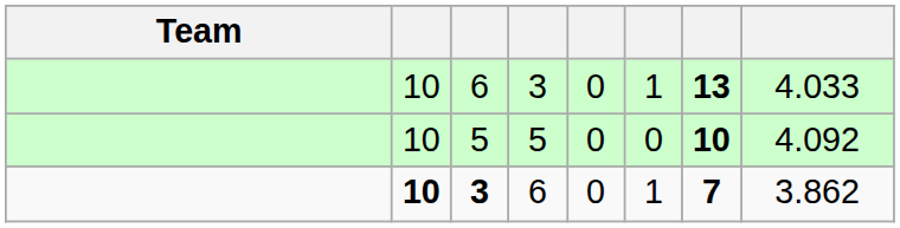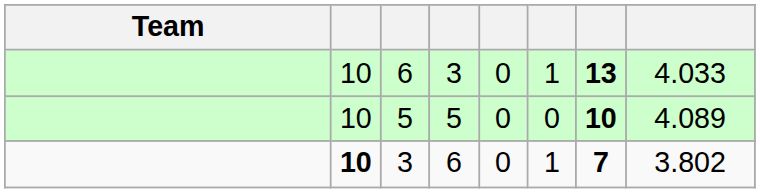 <table class="wikitable" style="text-align:center">
 <tr>
 <th style="width:175px;">Team</th>
 <th style="width:20px;"></th>
 <th style="width:20px;"></th>
 <th style="width:20px;"></th>
 <th style="width:20px;"></th>
 <th style="width:20px;"></th>
 <th style="width:20px;"></th>
 <th style="width:65px;"></th>
 </tr>
 <tr style="background:#cfc;">
 <td style="text-align:left"></td>
 <td>10</td>
 <td>6</td>
 <td>3</td>
 <td>0</td>
 <td>1</td>
 <td><strong>13</strong></td>
 <td>4.033</td>
 </tr>
 <tr style="background:#cfc;">
 <td style="text-align:left"></td>
 <td>10</td>
 <td>5</td>
 <td>5</td>
 <td>0</td>
 <td>0</td>
 <td><strong>10</strong></td>
-<td>4.092</td>
+<td>4.089</td>
 </tr>
 <tr>
 <td style="text-align:left"></td>
 <td><strong>10</strong></td>
-<td><strong>3</strong></td>
+<td>3</td>
 <td>6</td>
 <td>0</td>
 <td>1</td>
 <td><strong>7</strong></td>
-<td>3.862</td>
+<td>3.802</td>
 </tr>
 </table>
